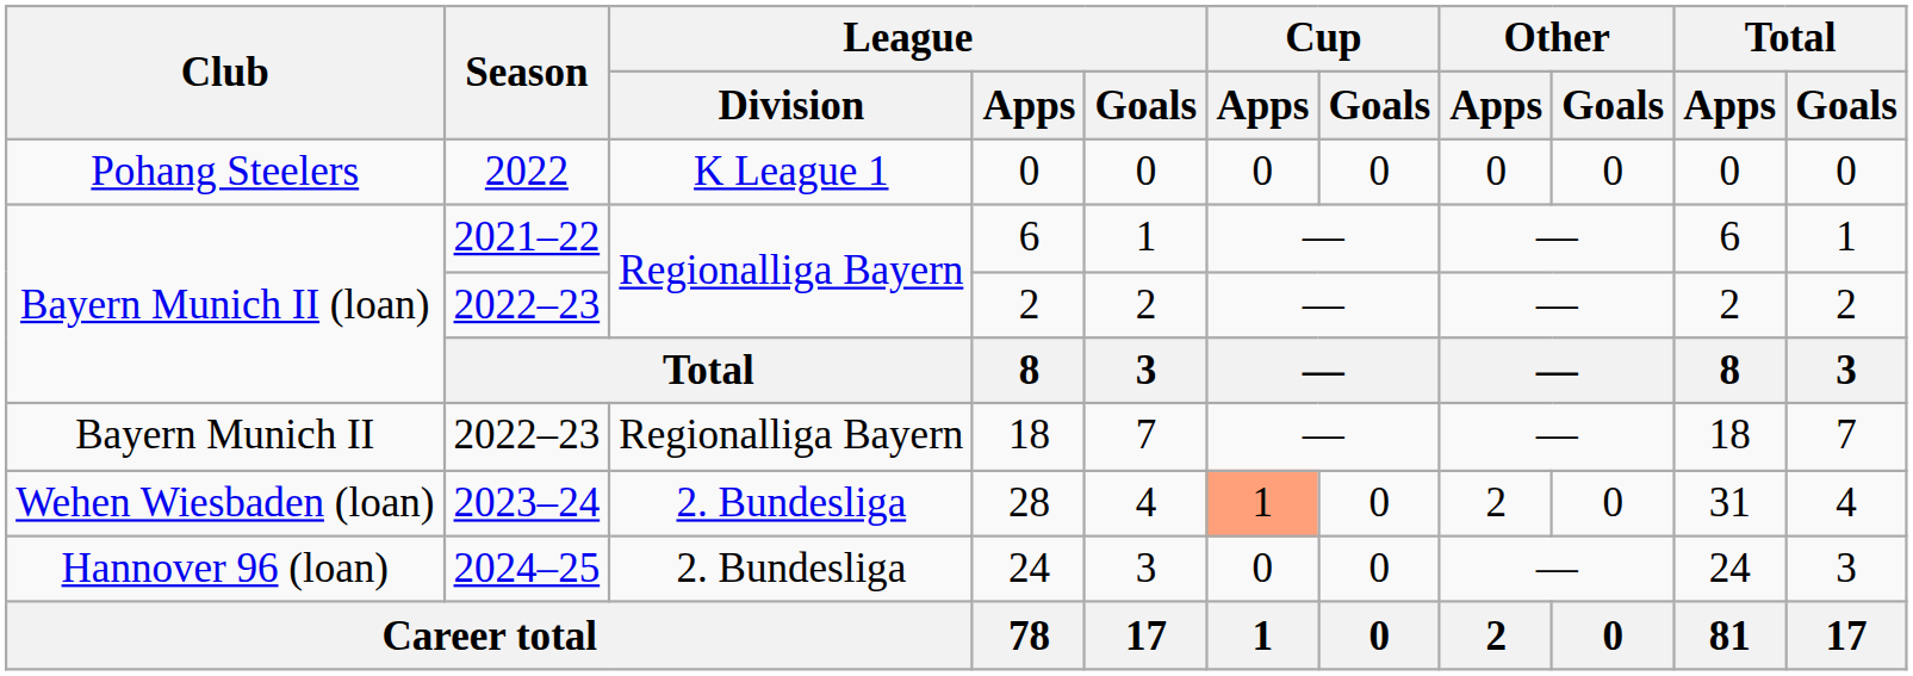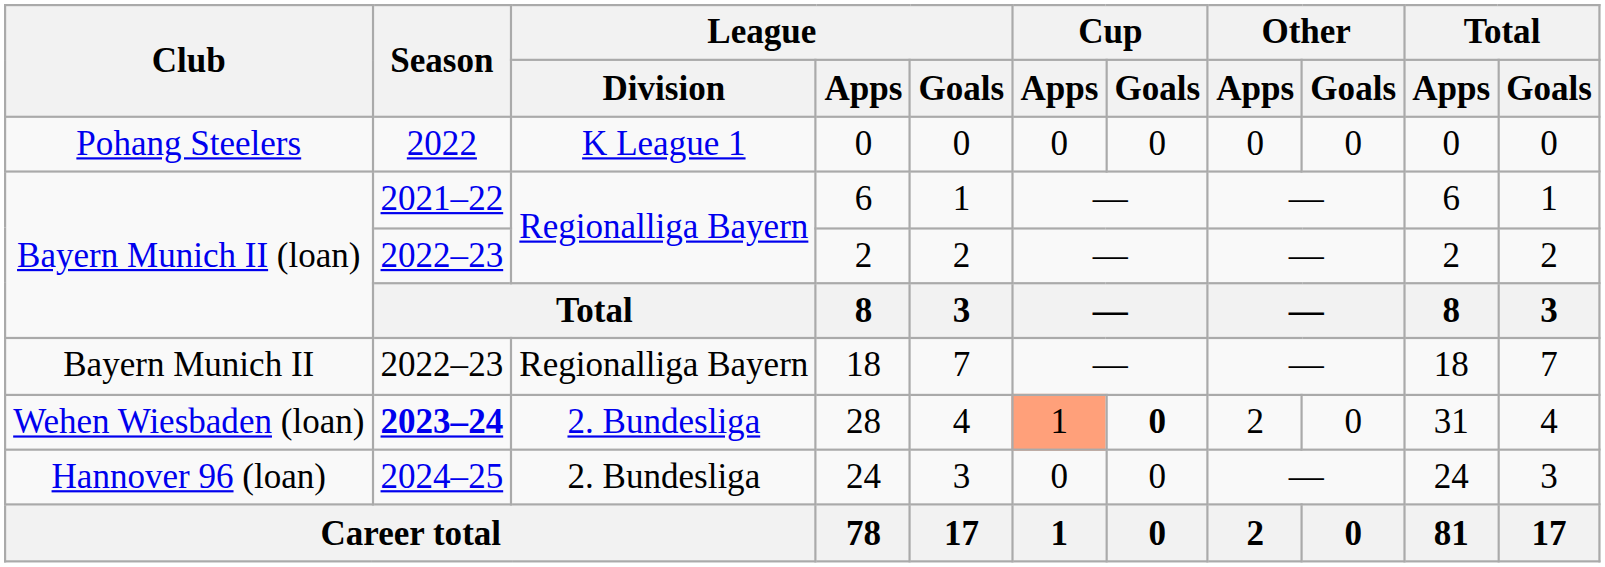 <table class="wikitable" style="text-align:center">
 <tr>
 <th rowspan=2>Club</th>
 <th rowspan=2>Season</th>
 <th colspan=3>League</th>
 <th colspan=2>Cup</th>
 <th colspan=2>Other</th>
 <th colspan=2>Total</th>
 </tr>
 <tr>
 <th>Division</th>
 <th>Apps</th>
 <th>Goals</th>
 <th>Apps</th>
 <th>Goals</th>
 <th>Apps</th>
 <th>Goals</th>
 <th>Apps</th>
 <th>Goals</th>
 </tr>
 <tr>
 <td rowspan="1"><a href='#'>Pohang Steelers</a></td>
 <td><a href='#'>2022</a></td>
 <td><a href='#'>K League 1</a></td>
 <td>0</td>
 <td>0</td>
 <td>0</td>
 <td>0</td>
 <td>0</td>
 <td>0</td>
 <td>0</td>
 <td>0</td>
 </tr>
 <tr>
 <td rowspan="3"><a href='#'>Bayern Munich II</a> (loan)</td>
 <td><a href='#'>2021–22</a></td>
 <td rowspan="2"><a href='#'>Regionalliga Bayern</a></td>
 <td>6</td>
 <td>1</td>
 <td colspan="2">—</td>
 <td colspan="2">—</td>
 <td>6</td>
 <td>1</td>
 </tr>
 <tr>
 <td><a href='#'>2022–23</a></td>
 <td>2</td>
 <td>2</td>
 <td colspan="2">—</td>
 <td colspan="2">—</td>
 <td>2</td>
 <td>2</td>
 </tr>
 <tr>
 <th colspan="2">Total</th>
 <th>8</th>
 <th>3</th>
 <th colspan="2">—</th>
 <th colspan="2">—</th>
 <th>8</th>
 <th>3</th>
 </tr>
 <tr>
 <td rowspan="1">Bayern Munich II</td>
 <td>2022–23</td>
 <td>Regionalliga Bayern</td>
 <td>18</td>
 <td>7</td>
 <td colspan="2">—</td>
 <td colspan="2">—</td>
 <td>18</td>
 <td>7</td>
 </tr>
 <tr>
 <td rowspan="1"><a href='#'>Wehen Wiesbaden</a> (loan)</td>
-<td><a href='#'>2023–24</a></td>
+<td><strong><a href='#'>2023–24</a></strong></td>
 <td><a href='#'>2. Bundesliga</a></td>
 <td>28</td>
 <td>4</td>
 <td style="background: lightsalmon;">1</td>
-<td>0</td>
+<td><strong>0</strong></td>
 <td>2</td>
 <td>0</td>
 <td>31</td>
 <td>4</td>
 </tr>
 <tr>
 <td rowspan="1"><a href='#'>Hannover 96</a> (loan)</td>
 <td><a href='#'>2024–25</a></td>
 <td>2. Bundesliga</td>
 <td>24</td>
 <td>3</td>
 <td>0</td>
 <td>0</td>
 <td colspan="2">—</td>
 <td>24</td>
 <td>3</td>
 </tr>
 <tr>
 <th colspan=3>Career total</th>
 <th>78</th>
 <th>17</th>
 <th>1</th>
 <th>0</th>
 <th>2</th>
 <th>0</th>
 <th>81</th>
 <th>17</th>
 </tr>
 </table>
